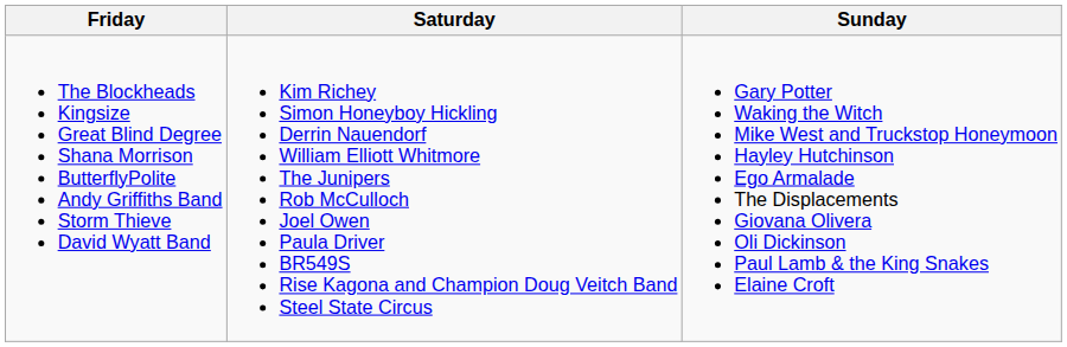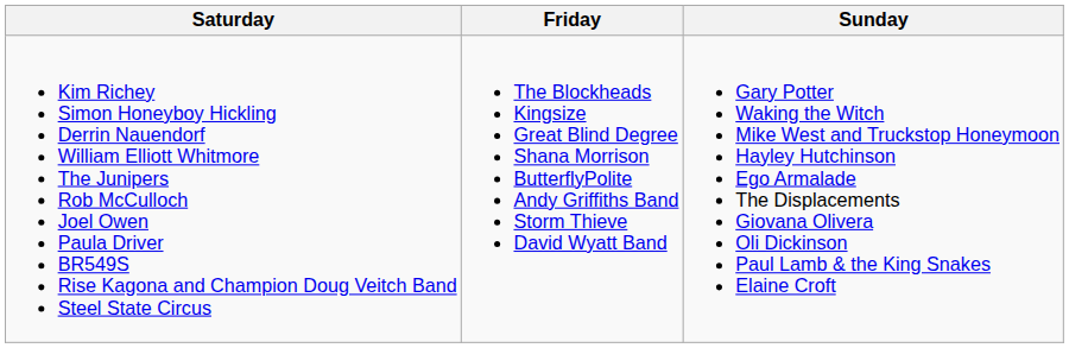 <table class="wikitable">
 <tr>
+<th>Saturday</th>
 <th>Friday</th>
-<th>Saturday</th>
 <th>Sunday</th>
 </tr>
 <tr>
+<td valign=top><br><ul><li><a href='#'>Kim Richey</a></li><li><a href='#'>Simon Honeyboy Hickling</a></li><li><a href='#'>Derrin Nauendorf</a></li><li><a href='#'>William Elliott Whitmore</a></li><li><a href='#'>The Junipers</a></li><li><a href='#'>Rob McCulloch</a></li><li><a href='#'>Joel Owen</a></li><li><a href='#'>Paula Driver</a></li><li><a href='#'>BR549S</a></li><li><a href='#'>Rise Kagona and Champion Doug Veitch Band</a></li><li><a href='#'>Steel State Circus</a></li></ul></td>
 <td valign=top><br><ul><li><a href='#'>The Blockheads</a></li><li><a href='#'>Kingsize</a></li><li><a href='#'>Great Blind Degree</a></li><li><a href='#'>Shana Morrison</a></li><li><a href='#'>ButterflyPolite</a></li><li><a href='#'>Andy Griffiths Band</a></li><li><a href='#'>Storm Thieve</a></li><li><a href='#'>David Wyatt Band</a></li></ul></td>
-<td valign=top><br><ul><li><a href='#'>Kim Richey</a></li><li><a href='#'>Simon Honeyboy Hickling</a></li><li><a href='#'>Derrin Nauendorf</a></li><li><a href='#'>William Elliott Whitmore</a></li><li><a href='#'>The Junipers</a></li><li><a href='#'>Rob McCulloch</a></li><li><a href='#'>Joel Owen</a></li><li><a href='#'>Paula Driver</a></li><li><a href='#'>BR549S</a></li><li><a href='#'>Rise Kagona and Champion Doug Veitch Band</a></li><li><a href='#'>Steel State Circus</a></li></ul></td>
 <td valign=top><br><ul><li><a href='#'>Gary Potter</a></li><li><a href='#'>Waking the Witch</a></li><li><a href='#'>Mike West and Truckstop Honeymoon</a></li><li><a href='#'>Hayley Hutchinson</a></li><li><a href='#'>Ego Armalade</a></li><li>The Displacements</li><li><a href='#'>Giovana Olivera</a></li><li><a href='#'>Oli Dickinson</a></li><li><a href='#'>Paul Lamb & the King Snakes</a></li><li><a href='#'>Elaine Croft</a></li></ul></td>
 </tr>
 </table>
